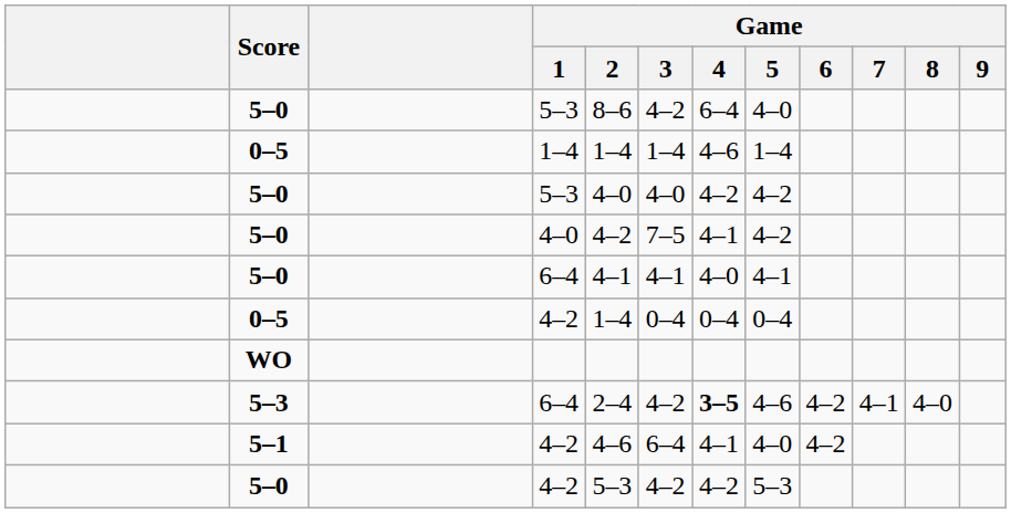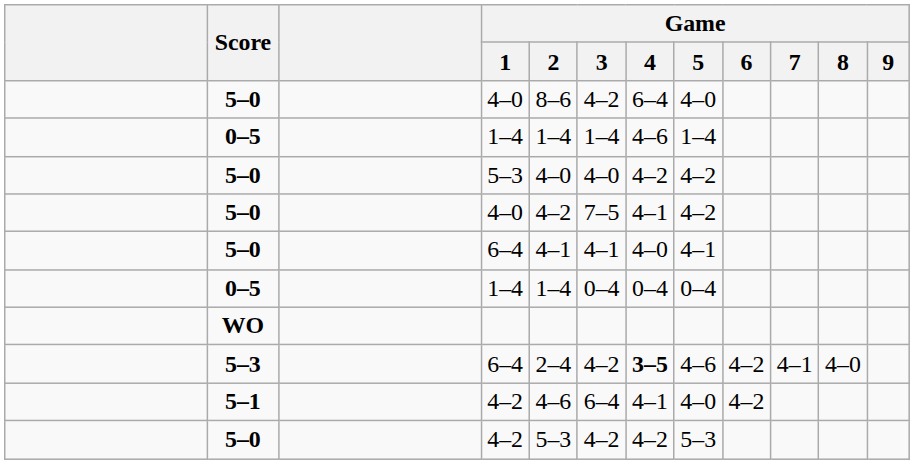 <table class="wikitable" style="text-align: center;">
 <tr>
 <th rowspan=2 align="right" width="270"></th>
 <th rowspan=2 width="45">Score</th>
 <th rowspan=2 align="left" width="270"></th>
 <th colspan=9>Game</th>
 </tr>
 <tr>
 <th width="35">1</th>
 <th width="35">2</th>
 <th width="35">3</th>
 <th width="35">4</th>
 <th width="35">5</th>
 <th width="35">6</th>
 <th width="35">7</th>
 <th width="35">8</th>
 <th width="35">9</th>
 </tr>
 <tr>
 <td align=left><strong><br></strong></td>
 <td align=center><strong>5–0</strong></td>
 <td align=left><br></td>
-<td>5–3</td>
+<td>4–0</td>
 <td>8–6</td>
 <td>4–2</td>
 <td>6–4</td>
 <td>4–0</td>
 <td></td>
 <td></td>
 <td></td>
 <td></td>
 </tr>
 <tr>
 <td align=left><br></td>
 <td align=center><strong>0–5</strong></td>
 <td align=left><strong><br></strong></td>
 <td>1–4</td>
 <td>1–4</td>
 <td>1–4</td>
 <td>4–6</td>
 <td>1–4</td>
 <td></td>
 <td></td>
 <td></td>
 <td></td>
 </tr>
 <tr>
 <td align=left><strong><br></strong></td>
 <td align=center><strong>5–0</strong></td>
 <td align=left><br></td>
 <td>5–3</td>
 <td>4–0</td>
 <td>4–0</td>
 <td>4–2</td>
 <td>4–2</td>
 <td></td>
 <td></td>
 <td></td>
 <td></td>
 </tr>
 <tr>
 <td align=left><strong><br></strong></td>
 <td align=center><strong>5–0</strong></td>
 <td align=left><br></td>
 <td>4–0</td>
 <td>4–2</td>
 <td>7–5</td>
 <td>4–1</td>
 <td>4–2</td>
 <td></td>
 <td></td>
 <td></td>
 <td></td>
 </tr>
 <tr>
 <td align=left><strong><br></strong></td>
 <td align=center><strong>5–0</strong></td>
 <td align=left><br></td>
 <td>6–4</td>
 <td>4–1</td>
 <td>4–1</td>
 <td>4–0</td>
 <td>4–1</td>
 <td></td>
 <td></td>
 <td></td>
 <td></td>
 </tr>
 <tr>
 <td align=left><br></td>
 <td align=center><strong>0–5</strong></td>
 <td align=left><strong><br></strong></td>
-<td>4–2</td>
+<td>1–4</td>
 <td>1–4</td>
 <td>0–4</td>
 <td>0–4</td>
 <td>0–4</td>
 <td></td>
 <td></td>
 <td></td>
 <td></td>
 </tr>
 <tr>
 <td align=left><strong><br></strong></td>
 <td align=center><strong>WO</strong></td>
 <td align=left><br></td>
 <td></td>
 <td></td>
 <td></td>
 <td></td>
 <td></td>
 <td></td>
 <td></td>
 <td></td>
 <td></td>
 </tr>
 <tr>
 <td align=left><strong><br></strong></td>
 <td align=center><strong>5–3</strong></td>
 <td align=left><br></td>
 <td>6–4</td>
 <td>2–4</td>
 <td>4–2</td>
 <td><strong>3–5</strong></td>
 <td>4–6</td>
 <td>4–2</td>
 <td>4–1</td>
 <td>4–0</td>
 <td></td>
 </tr>
 <tr>
 <td align=left><strong><br></strong></td>
 <td align=center><strong>5–1</strong></td>
 <td align=left><br></td>
 <td>4–2</td>
 <td>4–6</td>
 <td>6–4</td>
 <td>4–1</td>
 <td>4–0</td>
 <td>4–2</td>
 <td></td>
 <td></td>
 <td></td>
 </tr>
 <tr>
 <td align=left><strong><br></strong></td>
 <td align=center><strong>5–0</strong></td>
 <td align=left><br></td>
 <td>4–2</td>
 <td>5–3</td>
 <td>4–2</td>
 <td>4–2</td>
 <td>5–3</td>
 <td></td>
 <td></td>
 <td></td>
 <td></td>
 </tr>
 </table>
